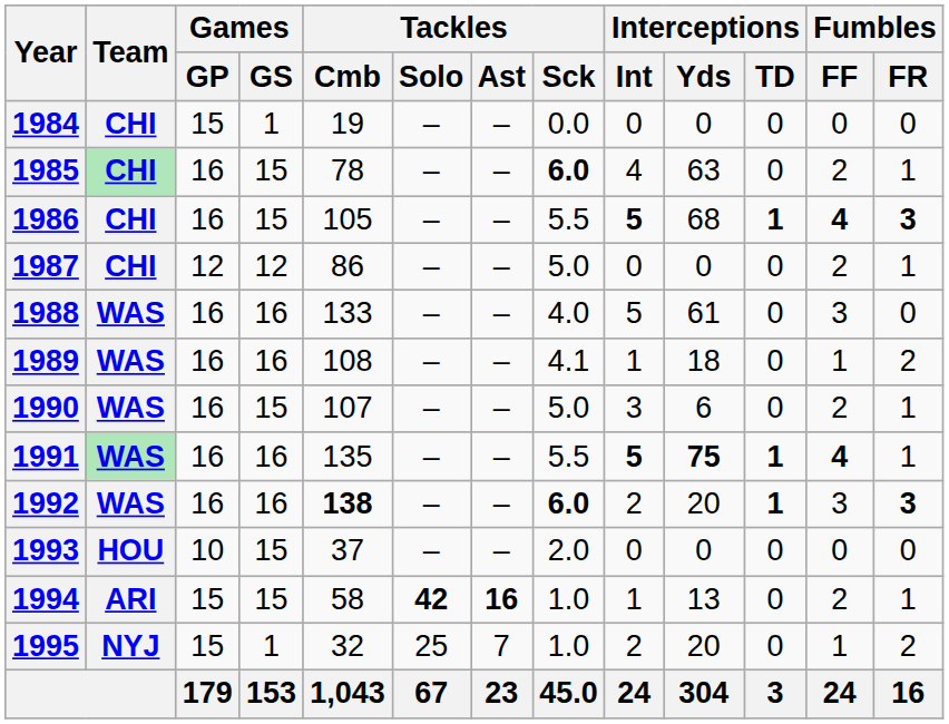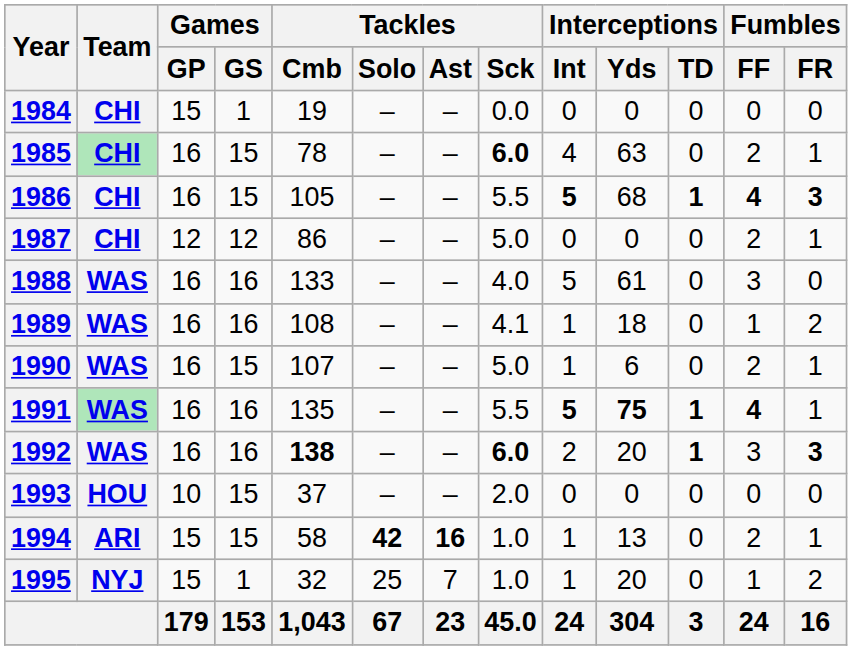 <table class="wikitable sortable" style="text-align: center;">
 <tr>
 <th rowspan="2">Year</th>
 <th rowspan="2">Team</th>
 <th colspan="2">Games</th>
 <th colspan="4">Tackles</th>
 <th colspan="3">Interceptions</th>
 <th colspan="2">Fumbles</th>
 </tr>
 <tr>
 <th>GP</th>
 <th>GS</th>
 <th>Cmb</th>
 <th>Solo</th>
 <th>Ast</th>
 <th>Sck</th>
 <th>Int</th>
 <th>Yds</th>
 <th>TD</th>
 <th>FF</th>
 <th>FR</th>
 </tr>
 <tr>
 <th><a href='#'>1984</a></th>
 <th><a href='#'>CHI</a></th>
 <td>15</td>
 <td>1</td>
 <td>19</td>
 <td>–</td>
 <td>–</td>
 <td>0.0</td>
 <td>0</td>
 <td>0</td>
 <td>0</td>
 <td>0</td>
 <td>0</td>
 </tr>
 <tr>
 <th><a href='#'>1985</a></th>
 <th style="background:#afe6ba;"><a href='#'>CHI</a></th>
 <td>16</td>
 <td>15</td>
 <td>78</td>
 <td>–</td>
 <td>–</td>
 <td><strong>6.0</strong></td>
 <td>4</td>
 <td>63</td>
 <td>0</td>
 <td>2</td>
 <td>1</td>
 </tr>
 <tr>
 <th><a href='#'>1986</a></th>
 <th><a href='#'>CHI</a></th>
 <td>16</td>
 <td>15</td>
 <td>105</td>
 <td>–</td>
 <td>–</td>
 <td>5.5</td>
 <td><strong>5</strong></td>
 <td>68</td>
 <td><strong>1</strong></td>
 <td><strong>4</strong></td>
 <td><strong>3</strong></td>
 </tr>
 <tr>
 <th><a href='#'>1987</a></th>
 <th><a href='#'>CHI</a></th>
 <td>12</td>
 <td>12</td>
 <td>86</td>
 <td>–</td>
 <td>–</td>
 <td>5.0</td>
 <td>0</td>
 <td>0</td>
 <td>0</td>
 <td>2</td>
 <td>1</td>
 </tr>
 <tr>
 <th><a href='#'>1988</a></th>
 <th><a href='#'>WAS</a></th>
 <td>16</td>
 <td>16</td>
 <td>133</td>
 <td>–</td>
 <td>–</td>
 <td>4.0</td>
 <td>5</td>
 <td>61</td>
 <td>0</td>
 <td>3</td>
 <td>0</td>
 </tr>
 <tr>
 <th><a href='#'>1989</a></th>
 <th><a href='#'>WAS</a></th>
 <td>16</td>
 <td>16</td>
 <td>108</td>
 <td>–</td>
 <td>–</td>
 <td>4.1</td>
 <td>1</td>
 <td>18</td>
 <td>0</td>
 <td>1</td>
 <td>2</td>
 </tr>
 <tr>
 <th><a href='#'>1990</a></th>
 <th><a href='#'>WAS</a></th>
 <td>16</td>
 <td>15</td>
 <td>107</td>
 <td>–</td>
 <td>–</td>
 <td>5.0</td>
-<td>3</td>
+<td>1</td>
 <td>6</td>
 <td>0</td>
 <td>2</td>
 <td>1</td>
 </tr>
 <tr>
 <th><a href='#'>1991</a></th>
 <th style="background:#afe6ba;"><a href='#'>WAS</a></th>
 <td>16</td>
 <td>16</td>
 <td>135</td>
 <td>–</td>
 <td>–</td>
 <td>5.5</td>
 <td><strong>5</strong></td>
 <td><strong>75</strong></td>
 <td><strong>1</strong></td>
 <td><strong>4</strong></td>
 <td>1</td>
 </tr>
 <tr>
 <th><a href='#'>1992</a></th>
 <th><a href='#'>WAS</a></th>
 <td>16</td>
 <td>16</td>
 <td><strong>138</strong></td>
 <td>–</td>
 <td>–</td>
 <td><strong>6.0</strong></td>
 <td>2</td>
 <td>20</td>
 <td><strong>1</strong></td>
 <td>3</td>
 <td><strong>3</strong></td>
 </tr>
 <tr>
 <th><a href='#'>1993</a></th>
 <th><a href='#'>HOU</a></th>
 <td>10</td>
 <td>15</td>
 <td>37</td>
 <td>–</td>
 <td>–</td>
 <td>2.0</td>
 <td>0</td>
 <td>0</td>
 <td>0</td>
 <td>0</td>
 <td>0</td>
 </tr>
 <tr>
 <th><a href='#'>1994</a></th>
 <th><a href='#'>ARI</a></th>
 <td>15</td>
 <td>15</td>
 <td>58</td>
 <td><strong>42</strong></td>
 <td><strong>16</strong></td>
 <td>1.0</td>
 <td>1</td>
 <td>13</td>
 <td>0</td>
 <td>2</td>
 <td>1</td>
 </tr>
 <tr>
 <th><a href='#'>1995</a></th>
 <th><a href='#'>NYJ</a></th>
 <td>15</td>
 <td>1</td>
 <td>32</td>
 <td>25</td>
 <td>7</td>
 <td>1.0</td>
-<td>2</td>
+<td>1</td>
 <td>20</td>
 <td>0</td>
 <td>1</td>
 <td>2</td>
 </tr>
 <tr>
 <th colspan="2"></th>
 <th>179</th>
 <th>153</th>
 <th>1,043</th>
 <th>67</th>
 <th>23</th>
 <th>45.0</th>
 <th>24</th>
 <th>304</th>
 <th>3</th>
 <th>24</th>
 <th>16</th>
 </tr>
 </table>
